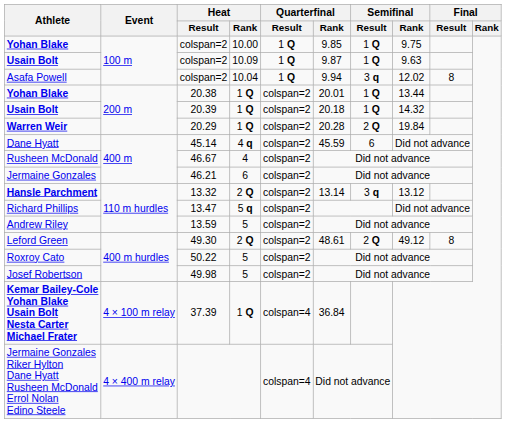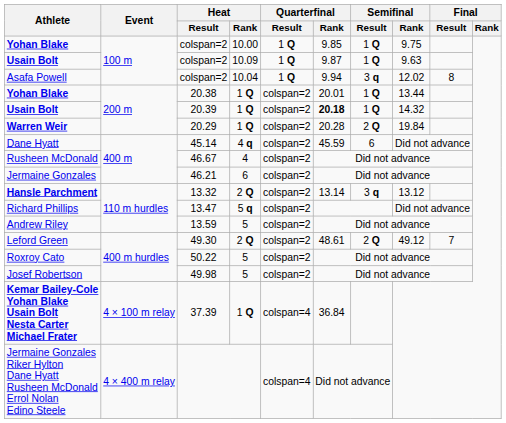 <table class="wikitable" style="font-size:90%">
 <tr>
 <th rowspan="2">Athlete</th>
 <th rowspan="2">Event</th>
 <th colspan="2">Heat</th>
 <th colspan="2">Quarterfinal</th>
 <th colspan="2">Semifinal</th>
 <th colspan="2">Final</th>
 </tr>
 <tr style="font-size:95%">
 <th>Result</th>
 <th>Rank</th>
 <th>Result</th>
 <th>Rank</th>
 <th>Result</th>
 <th>Rank</th>
 <th>Result</th>
 <th>Rank</th>
 </tr>
 <tr align=center>
 <td align=left><strong><a href='#'>Yohan Blake</a></strong></td>
 <td align=left rowspan=3><a href='#'>100 m</a></td>
 <td>colspan=2 </td>
 <td>10.00</td>
 <td>1 <strong>Q</strong></td>
 <td>9.85</td>
 <td>1 <strong>Q</strong></td>
 <td>9.75</td>
 <td></td>
 </tr>
 <tr align=center>
 <td align=left><strong><a href='#'>Usain Bolt</a></strong></td>
 <td>colspan=2 </td>
 <td>10.09</td>
 <td>1 <strong>Q</strong></td>
 <td>9.87</td>
 <td>1 <strong>Q</strong></td>
 <td>9.63 </td>
 <td></td>
 </tr>
 <tr align=center>
 <td align=left><a href='#'>Asafa Powell</a></td>
 <td>colspan=2 </td>
 <td>10.04</td>
 <td>1 <strong>Q</strong></td>
 <td>9.94</td>
 <td>3 <strong>q</strong></td>
 <td>12.02</td>
 <td>8</td>
 </tr>
 <tr align=center>
 <td align=left><strong><a href='#'>Yohan Blake</a></strong></td>
 <td align=left rowspan=3><a href='#'>200 m</a></td>
 <td>20.38</td>
 <td>1 <strong>Q</strong></td>
 <td>colspan=2 </td>
 <td>20.01</td>
 <td>1 <strong>Q</strong></td>
 <td>13.44</td>
 <td></td>
 </tr>
 <tr align=center>
 <td align=left><strong><a href='#'>Usain Bolt</a></strong></td>
 <td>20.39</td>
 <td>1 <strong>Q</strong></td>
 <td>colspan=2 </td>
-<td>20.18</td>
+<td><strong>20.18</strong></td>
 <td>1 <strong>Q</strong></td>
 <td>14.32</td>
 <td></td>
 </tr>
 <tr align=center>
 <td align=left><strong><a href='#'>Warren Weir</a></strong></td>
 <td>20.29</td>
 <td>1 <strong>Q</strong></td>
 <td>colspan=2 </td>
 <td>20.28</td>
 <td>2 <strong>Q</strong></td>
 <td>19.84</td>
 <td></td>
 </tr>
 <tr align=center>
 <td align=left><a href='#'>Dane Hyatt</a><br></td>
 <td align=left rowspan=3><a href='#'>400 m</a></td>
 <td>45.14</td>
 <td>4 <strong>q</strong></td>
 <td>colspan=2 </td>
 <td>45.59</td>
 <td>6</td>
 <td colspan=2>Did not advance</td>
 </tr>
 <tr align=center>
 <td align=left><a href='#'>Rusheen McDonald</a><br></td>
 <td>46.67</td>
 <td>4</td>
 <td>colspan=2 </td>
 <td colspan=4>Did not advance</td>
 </tr>
 <tr align=center>
 <td align=left><a href='#'>Jermaine Gonzales</a><br></td>
 <td>46.21</td>
 <td>6</td>
 <td>colspan=2 </td>
 <td colspan=4>Did not advance</td>
 </tr>
 <tr align=center>
 <td align=left><strong><a href='#'>Hansle Parchment</a></strong></td>
 <td align=left rowspan=3><a href='#'>110 m hurdles</a></td>
 <td>13.32</td>
 <td>2 <strong>Q</strong></td>
 <td>colspan=2 </td>
 <td>13.14</td>
 <td>3 <strong>q</strong></td>
 <td>13.12</td>
 <td></td>
 </tr>
 <tr align=center>
 <td align=left><a href='#'>Richard Phillips</a></td>
 <td>13.47</td>
 <td>5 <strong>q</strong></td>
 <td>colspan=2 </td>
 <td colspan=2></td>
 <td colspan=2>Did not advance</td>
 </tr>
 <tr align=center>
 <td align=left><a href='#'>Andrew Riley</a></td>
 <td>13.59</td>
 <td>5</td>
 <td>colspan=2 </td>
 <td colspan=4>Did not advance</td>
 </tr>
 <tr align=center>
 <td align=left><a href='#'>Leford Green</a></td>
 <td align=left rowspan=3><a href='#'>400 m hurdles</a></td>
 <td>49.30</td>
 <td>2 <strong>Q</strong></td>
 <td>colspan=2 </td>
 <td>48.61</td>
 <td>2 <strong>Q</strong></td>
 <td>49.12</td>
-<td>8</td>
+<td>7</td>
 </tr>
 <tr align=center>
 <td align=left><a href='#'>Roxroy Cato</a></td>
 <td>50.22</td>
 <td>5</td>
 <td>colspan=2 </td>
 <td colspan=4>Did not advance</td>
 </tr>
 <tr align=center>
 <td align=left><a href='#'>Josef Robertson</a></td>
 <td>49.98</td>
 <td>5</td>
 <td>colspan=2 </td>
 <td colspan=4>Did not advance</td>
 </tr>
 <tr align=center>
 <td align=left><strong><a href='#'>Kemar Bailey-Cole</a><br><a href='#'>Yohan Blake</a><br><a href='#'>Usain Bolt</a><br><a href='#'>Nesta Carter</a><br><a href='#'>Michael Frater</a></strong></td>
 <td align=left><a href='#'>4 × 100 m relay</a></td>
 <td>37.39</td>
 <td>1 <strong>Q</strong></td>
 <td>colspan=4 </td>
 <td>36.84 </td>
 <td></td>
 </tr>
 <tr align=center>
 <td align=left><a href='#'>Jermaine Gonzales</a><br><a href='#'>Riker Hylton</a><br><a href='#'>Dane Hyatt</a><br><a href='#'>Rusheen McDonald</a><br><a href='#'>Errol Nolan</a><br><a href='#'>Edino Steele</a></td>
 <td align=left><a href='#'>4 × 400 m relay</a></td>
 <td colspan=2></td>
 <td>colspan=4 </td>
 <td colspan=2>Did not advance</td>
 </tr>
 </table>
